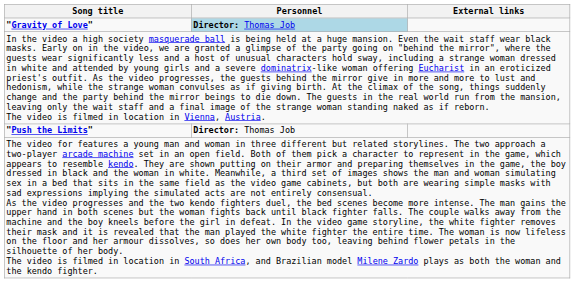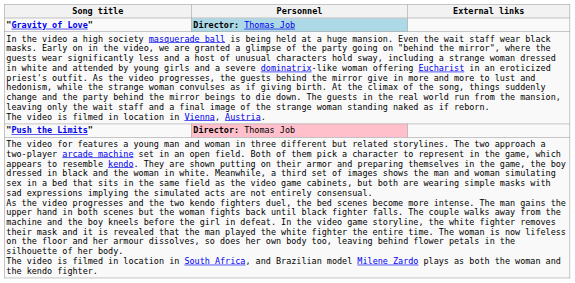 <table class="wikitable">
 <tr>
 <th>Song title</th>
 <th>Personnel</th>
 <th>External links</th>
 </tr>
 <tr>
 <td><strong>"<a href='#'>Gravity of Love</a>"</strong></td>
 <td style="background: lightblue;"><strong>Director:</strong> <a href='#'>Thomas Job</a></td>
 <td></td>
 </tr>
 <tr>
 <td colspan="6">In the video a high society <a href='#'>masquerade ball</a> is being held at a huge mansion. Even the wait staff wear black masks. Early on in the video, we are granted a glimpse of the party going on "behind the mirror", where the guests wear significantly less and a host of unusual characters hold sway, including a strange woman dressed in white and attended by young girls and a severe <a href='#'>dominatrix</a>-like woman offering <a href='#'>Eucharist</a> in an eroticized priest's outfit. As the video progresses, the guests behind the mirror give in more and more to lust and hedonism, while the strange woman convulses as if giving birth. At the climax of the song, things suddenly change and the party behind the mirror beings to die down. The guests in the real world run from the mansion, leaving only the wait staff and a final image of the strange woman standing naked as if reborn.<br>The video is filmed in location in <a href='#'>Vienna</a>, <a href='#'>Austria</a>.</td>
 </tr>
 <tr>
 <td><strong>"<a href='#'>Push the Limits</a>"</strong></td>
-<td><strong>Director:</strong> Thomas Job</td>
+<td style="background: pink;"><strong>Director:</strong> Thomas Job</td>
 <td></td>
 </tr>
 <tr>
 <td colspan="6">The video for features a young man and woman in three different but related storylines. The two approach a two-player <a href='#'>arcade machine</a> set in an open field.  Both of them pick a character to represent in the game, which appears to resemble <a href='#'>kendo</a>. They are shown putting on their armor and preparing themselves in the game, the boy dressed in black and the woman in white. Meanwhile, a third set of images shows the man and woman simulating sex in a bed that sits in the same field as the video game cabinets, but both are wearing simple masks with sad expressions implying the simulated acts are not entirely consensual.<br>As the video progresses and the two kendo fighters duel, the bed scenes become more intense. The man gains the upper hand in both scenes but the woman fights back until black fighter falls. The couple walks away from the machine and the boy kneels before the girl in defeat. In the video game storyline, the white fighter removes their mask and it is revealed that the man played the white fighter the entire time. The woman is now lifeless on the floor and her armour dissolves, so does her own body too, leaving behind flower petals in the silhouette of her body.<br>The video is filmed in location in <a href='#'>South Africa</a>, and Brazilian model <a href='#'>Milene Zardo</a> plays as both the woman and the kendo fighter.</td>
 </tr>
 </table>
